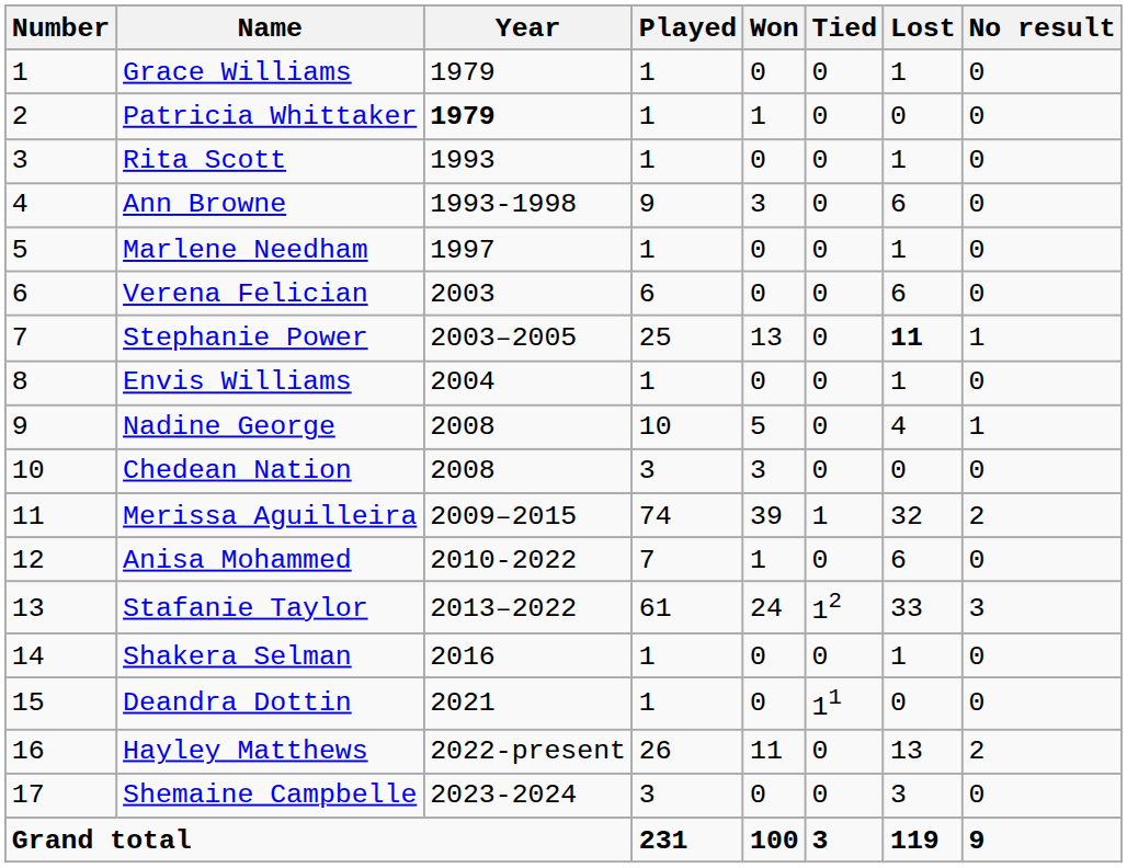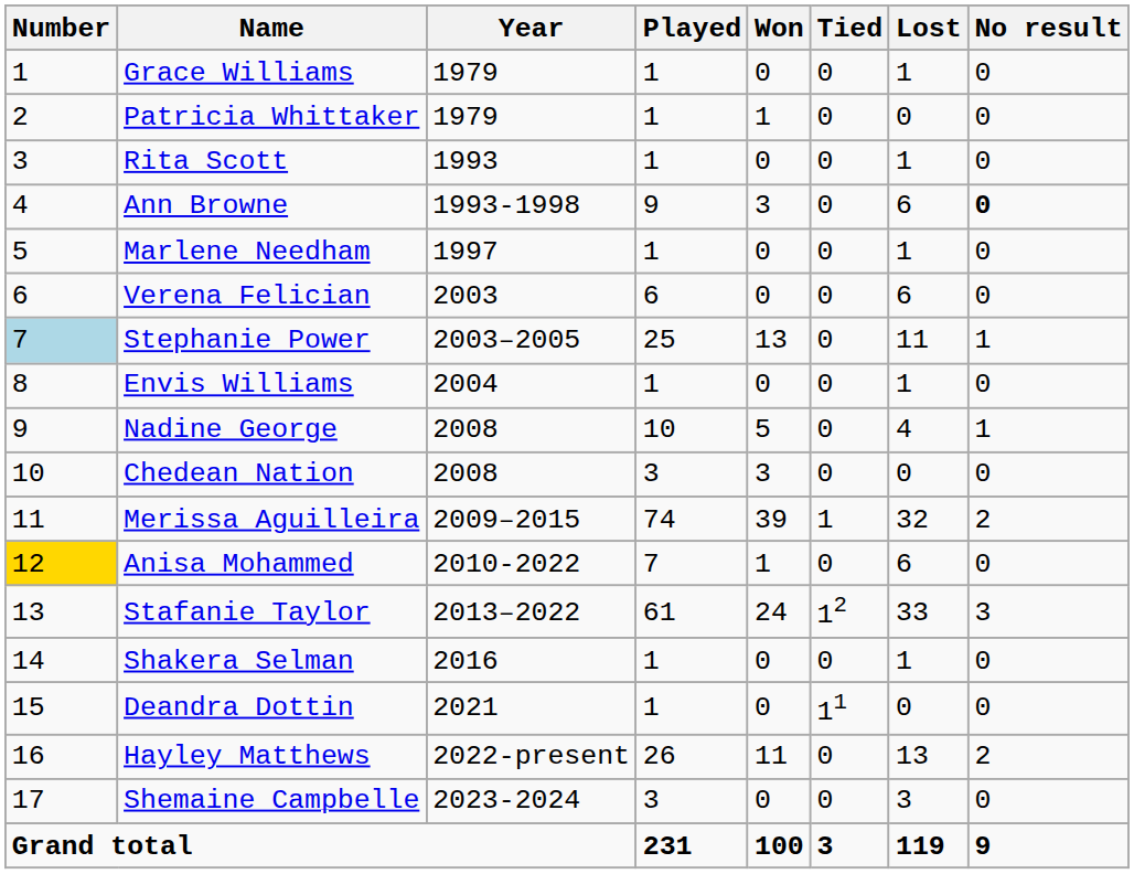 <table class="wikitable">
 <tr>
 <th>Number</th>
 <th>Name</th>
 <th>Year</th>
 <th>Played</th>
 <th>Won</th>
 <th>Tied</th>
 <th>Lost</th>
 <th>No result</th>
 </tr>
 <tr>
 <td>1</td>
 <td><a href='#'>Grace Williams</a></td>
 <td>1979</td>
 <td>1</td>
 <td>0</td>
 <td>0</td>
 <td>1</td>
 <td>0</td>
 </tr>
 <tr>
 <td>2</td>
 <td><a href='#'>Patricia Whittaker</a></td>
-<td><strong>1979</strong></td>
+<td>1979</td>
 <td>1</td>
 <td>1</td>
 <td>0</td>
 <td>0</td>
 <td>0</td>
 </tr>
 <tr>
 <td>3</td>
 <td><a href='#'>Rita Scott</a></td>
 <td>1993</td>
 <td>1</td>
 <td>0</td>
 <td>0</td>
 <td>1</td>
 <td>0</td>
 </tr>
 <tr>
 <td>4</td>
 <td><a href='#'>Ann Browne</a></td>
 <td>1993-1998</td>
 <td>9</td>
 <td>3</td>
 <td>0</td>
 <td>6</td>
-<td>0</td>
+<td><strong>0</strong></td>
 </tr>
 <tr>
 <td>5</td>
 <td><a href='#'>Marlene Needham</a></td>
 <td>1997</td>
 <td>1</td>
 <td>0</td>
 <td>0</td>
 <td>1</td>
 <td>0</td>
 </tr>
 <tr>
 <td>6</td>
 <td><a href='#'>Verena Felician</a></td>
 <td>2003</td>
 <td>6</td>
 <td>0</td>
 <td>0</td>
 <td>6</td>
 <td>0</td>
 </tr>
 <tr>
-<td>7</td>
+<td style="background: lightblue;">7</td>
 <td><a href='#'>Stephanie Power</a></td>
 <td>2003–2005</td>
 <td>25</td>
 <td>13</td>
 <td>0</td>
-<td><strong>11</strong></td>
+<td>11</td>
 <td>1</td>
 </tr>
 <tr>
 <td>8</td>
 <td><a href='#'>Envis Williams</a></td>
 <td>2004</td>
 <td>1</td>
 <td>0</td>
 <td>0</td>
 <td>1</td>
 <td>0</td>
 </tr>
 <tr>
 <td>9</td>
 <td><a href='#'>Nadine George</a></td>
 <td>2008</td>
 <td>10</td>
 <td>5</td>
 <td>0</td>
 <td>4</td>
 <td>1</td>
 </tr>
 <tr>
 <td>10</td>
 <td><a href='#'>Chedean Nation</a></td>
 <td>2008</td>
 <td>3</td>
 <td>3</td>
 <td>0</td>
 <td>0</td>
 <td>0</td>
 </tr>
 <tr>
 <td>11</td>
 <td><a href='#'>Merissa Aguilleira</a></td>
 <td>2009–2015</td>
 <td>74</td>
 <td>39</td>
 <td>1</td>
 <td>32</td>
 <td>2</td>
 </tr>
 <tr>
-<td>12</td>
+<td style="background: gold;">12</td>
 <td><a href='#'>Anisa Mohammed</a></td>
 <td>2010-2022</td>
 <td>7</td>
 <td>1</td>
 <td>0</td>
 <td>6</td>
 <td>0</td>
 </tr>
 <tr>
 <td>13</td>
 <td><a href='#'>Stafanie Taylor</a></td>
 <td>2013–2022</td>
 <td>61</td>
 <td>24</td>
 <td>1<sup>2</sup></td>
 <td>33</td>
 <td>3</td>
 </tr>
 <tr>
 <td>14</td>
 <td><a href='#'>Shakera Selman</a></td>
 <td>2016</td>
 <td>1</td>
 <td>0</td>
 <td>0</td>
 <td>1</td>
 <td>0</td>
 </tr>
 <tr>
 <td>15</td>
 <td><a href='#'>Deandra Dottin</a></td>
 <td>2021</td>
 <td>1</td>
 <td>0</td>
 <td>1<sup>1</sup></td>
 <td>0</td>
 <td>0</td>
 </tr>
 <tr>
 <td>16</td>
 <td><a href='#'>Hayley Matthews</a></td>
 <td>2022-present</td>
 <td>26</td>
 <td>11</td>
 <td>0</td>
 <td>13</td>
 <td>2</td>
 </tr>
 <tr>
 <td>17</td>
 <td><a href='#'>Shemaine Campbelle</a></td>
 <td>2023-2024</td>
 <td>3</td>
 <td>0</td>
 <td>0</td>
 <td>3</td>
 <td>0</td>
 </tr>
 <tr>
 <td colspan=3><strong>Grand total</strong></td>
 <td><strong>231</strong></td>
 <td><strong>100</strong></td>
 <td><strong>3</strong></td>
 <td><strong>119</strong></td>
 <td><strong>9</strong></td>
 </tr>
 </table>
